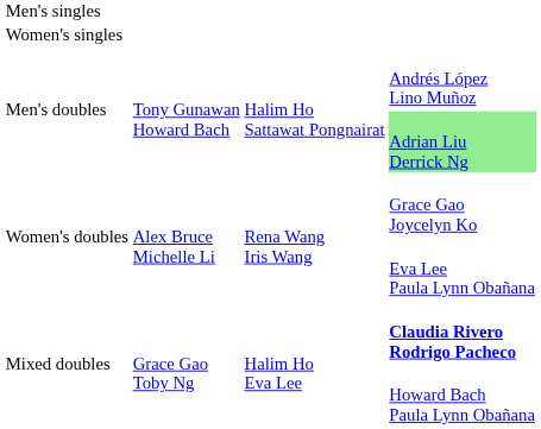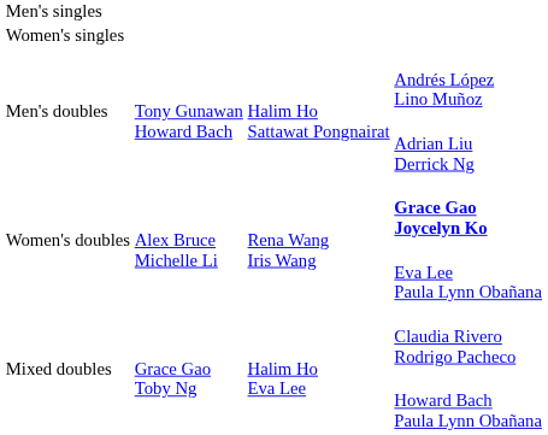 <table>
 <tr>
 <td rowspan=2>Men's singles <br></td>
 <td rowspan=2></td>
 <td rowspan=2></td>
 <td></td>
 </tr>
 <tr>
 <td></td>
 </tr>
 <tr>
 <td rowspan=2>Women's singles <br></td>
 <td rowspan=2></td>
 <td rowspan=2></td>
 <td></td>
 </tr>
 <tr>
 <td></td>
 </tr>
 <tr>
 <td rowspan=2>Men's doubles <br></td>
 <td rowspan=2><br><a href='#'>Tony Gunawan</a><br><a href='#'>Howard Bach</a></td>
 <td rowspan=2><br><a href='#'>Halim Ho</a><br><a href='#'>Sattawat Pongnairat</a></td>
 <td><br><a href='#'>Andrés López</a><br><a href='#'>Lino Muñoz</a></td>
 </tr>
 <tr>
-<td style="background: lightgreen;"><br><a href='#'>Adrian Liu</a><br><a href='#'>Derrick Ng</a></td>
+<td><br><a href='#'>Adrian Liu</a><br><a href='#'>Derrick Ng</a></td>
 </tr>
 <tr>
 <td rowspan=2>Women's doubles <br></td>
 <td rowspan=2><br><a href='#'>Alex Bruce</a><br><a href='#'>Michelle Li</a></td>
 <td rowspan=2><br><a href='#'>Rena Wang</a><br><a href='#'>Iris Wang</a></td>
-<td><br><a href='#'>Grace Gao</a><br><a href='#'>Joycelyn Ko</a></td>
+<td><strong><br><a href='#'>Grace Gao</a><br><a href='#'>Joycelyn Ko</a></strong></td>
 </tr>
 <tr>
 <td><br><a href='#'>Eva Lee</a><br><a href='#'>Paula Lynn Obañana</a></td>
 </tr>
 <tr>
 <td rowspan=2>Mixed doubles <br></td>
 <td rowspan=2><br><a href='#'>Grace Gao</a><br><a href='#'>Toby Ng</a></td>
 <td rowspan=2><br><a href='#'>Halim Ho</a><br><a href='#'>Eva Lee</a></td>
-<td><strong><br><a href='#'>Claudia Rivero</a><br><a href='#'>Rodrigo Pacheco</a></strong></td>
+<td><br><a href='#'>Claudia Rivero</a><br><a href='#'>Rodrigo Pacheco</a></td>
 </tr>
 <tr>
 <td><br><a href='#'>Howard Bach</a><br><a href='#'>Paula Lynn Obañana</a></td>
 </tr>
 </table>
